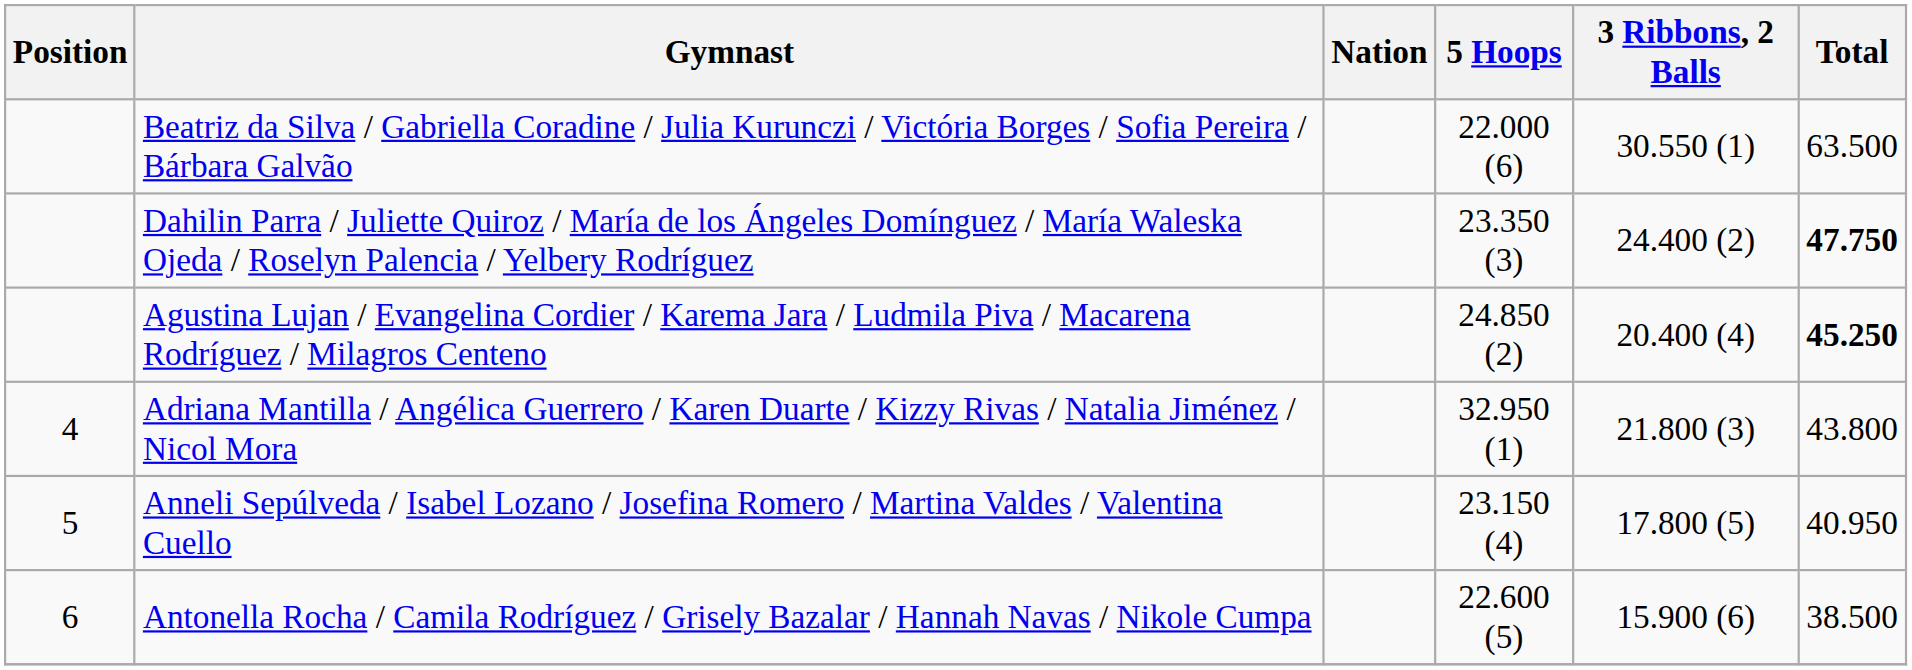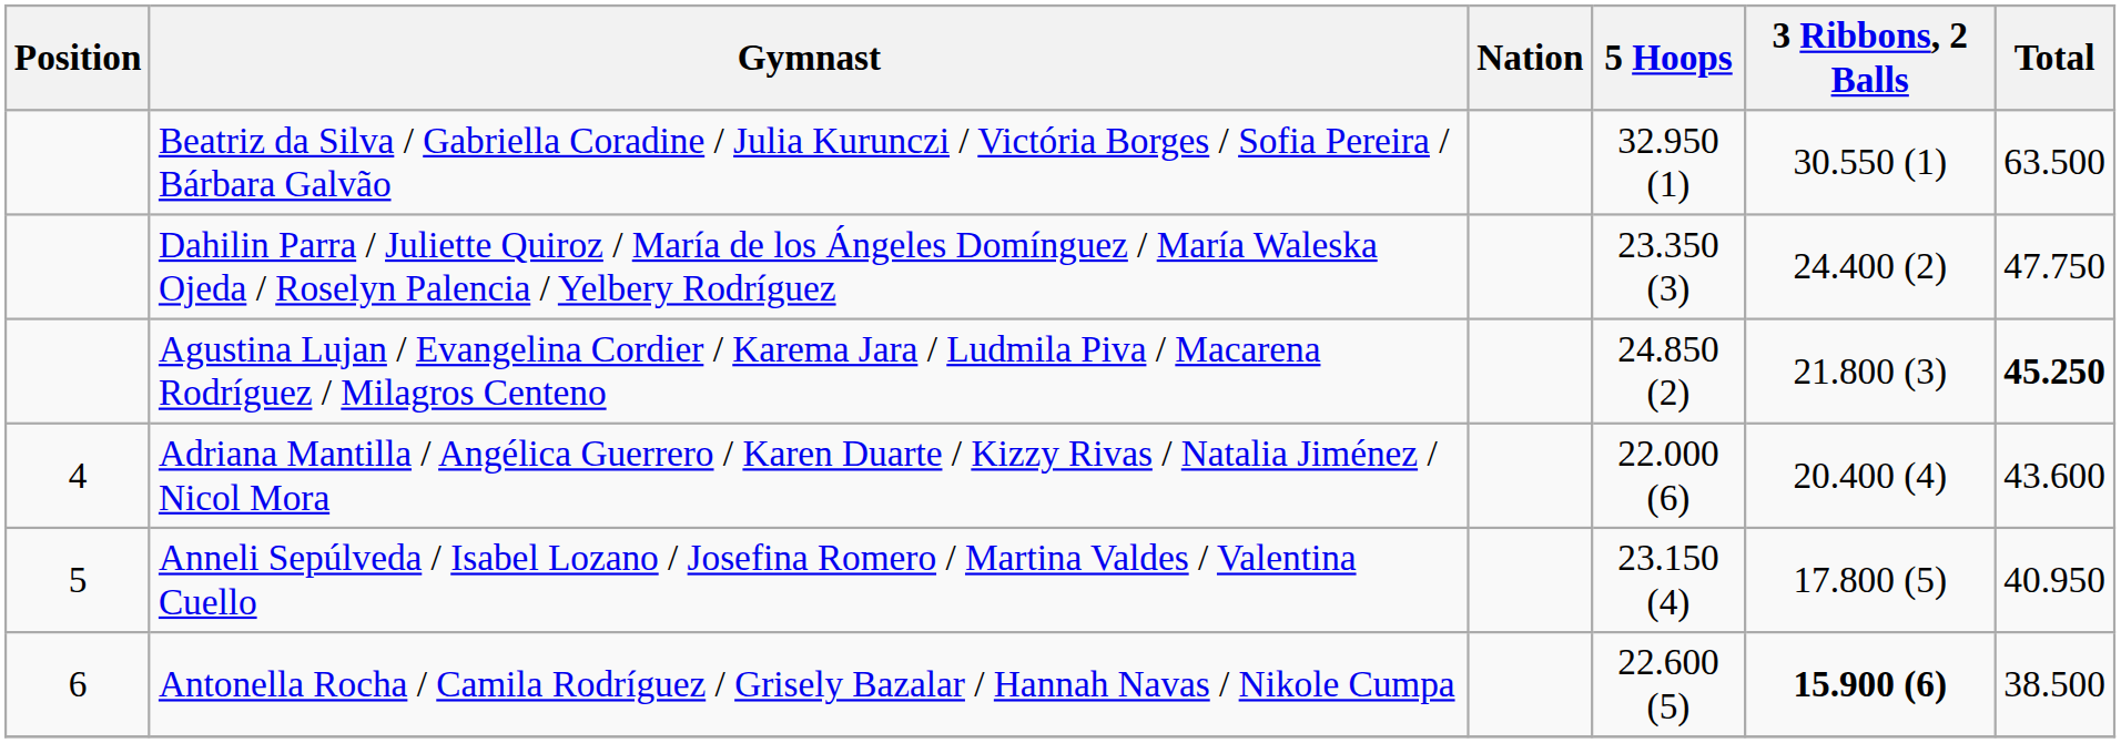 <table class="wikitable sortable" style="text-align:center; font-size:95%">
 <tr>
 <th>Position</th>
 <th>Gymnast</th>
 <th>Nation</th>
 <th>5 <a href='#'>Hoops</a></th>
 <th>3 <a href='#'>Ribbons</a>, 2 <a href='#'>Balls</a></th>
 <th>Total</th>
 </tr>
 <tr>
 <td></td>
 <td align=left><a href='#'>Beatriz da Silva</a> / <a href='#'>Gabriella Coradine</a> / <a href='#'>Julia Kurunczi</a> / <a href='#'>Victória Borges</a> / <a href='#'>Sofia Pereira</a> / <a href='#'>Bárbara Galvão</a></td>
 <td align=left></td>
-<td>22.000 (6)</td>
+<td>32.950 (1)</td>
 <td>30.550 (1)</td>
 <td>63.500</td>
 </tr>
 <tr>
 <td></td>
 <td align=left><a href='#'>Dahilin Parra</a> / <a href='#'>Juliette Quiroz</a> / <a href='#'>María de los Ángeles Domínguez</a> / <a href='#'>María Waleska Ojeda</a> / <a href='#'>Roselyn Palencia</a> / <a href='#'>Yelbery Rodríguez</a></td>
 <td align=left></td>
 <td>23.350 (3)</td>
 <td>24.400 (2)</td>
-<td><strong>47.750</strong></td>
+<td>47.750</td>
 </tr>
 <tr>
 <td></td>
 <td align=left><a href='#'>Agustina Lujan</a> / <a href='#'>Evangelina Cordier</a> / <a href='#'>Karema Jara</a> / <a href='#'>Ludmila Piva</a> / <a href='#'>Macarena Rodríguez</a> / <a href='#'>Milagros Centeno</a></td>
 <td align=left></td>
 <td>24.850 (2)</td>
-<td>20.400 (4)</td>
+<td>21.800 (3)</td>
 <td><strong>45.250</strong></td>
 </tr>
 <tr>
 <td>4</td>
 <td align=left><a href='#'>Adriana Mantilla</a> / <a href='#'>Angélica Guerrero</a> / <a href='#'>Karen Duarte</a> / <a href='#'>Kizzy Rivas</a> / <a href='#'>Natalia Jiménez</a> / <a href='#'>Nicol Mora</a></td>
 <td align=left></td>
-<td>32.950 (1)</td>
-<td>21.800 (3)</td>
-<td>43.800</td>
+<td>22.000 (6)</td>
+<td>20.400 (4)</td>
+<td>43.600</td>
 </tr>
 <tr>
 <td>5</td>
 <td align=left><a href='#'>Anneli Sepúlveda</a> / <a href='#'>Isabel Lozano</a> / <a href='#'>Josefina Romero</a> / <a href='#'>Martina Valdes</a> / <a href='#'>Valentina Cuello</a></td>
 <td align=left></td>
 <td>23.150 (4)</td>
 <td>17.800 (5)</td>
 <td>40.950</td>
 </tr>
 <tr>
 <td>6</td>
 <td align=left><a href='#'>Antonella Rocha</a> / <a href='#'>Camila Rodríguez</a> / <a href='#'>Grisely Bazalar</a> / <a href='#'>Hannah Navas</a> / <a href='#'>Nikole Cumpa</a></td>
 <td align=left></td>
 <td>22.600 (5)</td>
-<td>15.900 (6)</td>
+<td><strong>15.900 (6)</strong></td>
 <td>38.500</td>
 </tr>
 <tr>
 </tr>
 </table>
